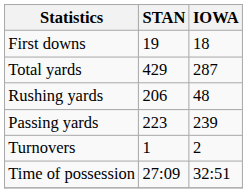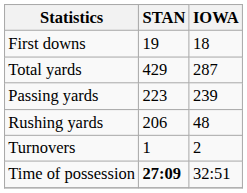 <table class="wikitable">
 <tr>
 <th>Statistics</th>
 <th>STAN</th>
 <th>IOWA</th>
 </tr>
 <tr>
 <td>First downs</td>
 <td>19</td>
 <td>18</td>
 </tr>
 <tr>
 <td>Total yards</td>
 <td>429</td>
 <td>287</td>
 </tr>
 <tr>
+<td>Passing yards</td>
+<td>223</td>
+<td>239</td>
+</tr>
+<tr>
 <td>Rushing yards</td>
 <td>206</td>
 <td>48</td>
-</tr>
-<tr>
-<td>Passing yards</td>
-<td>223</td>
-<td>239</td>
 </tr>
 <tr>
 <td>Turnovers</td>
 <td>1</td>
 <td>2</td>
 </tr>
 <tr>
 <td>Time of possession</td>
-<td>27:09</td>
+<td><strong>27:09</strong></td>
 <td>32:51</td>
 </tr>
 <tr>
 </tr>
 </table>
